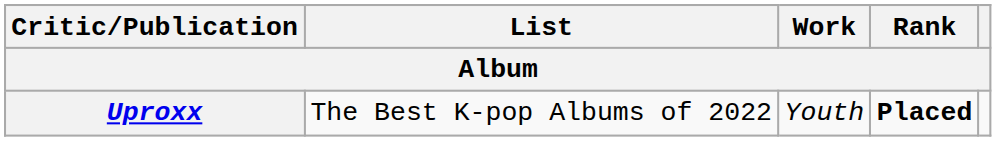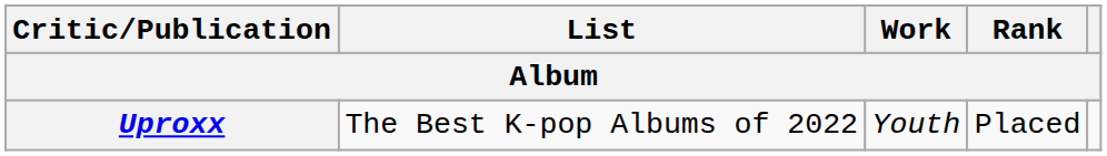 <table class="wikitable plainrowheaders">
 <tr>
 <th>Critic/Publication</th>
 <th scope="col" class="unsortable">List</th>
 <th scope="col" class="unsortable">Work</th>
 <th data-sort-type="number">Rank</th>
 <th scope="col" class="unsortable"></th>
 </tr>
 <tr>
 <th align="center" colspan="5">Album</th>
 </tr>
 <tr>
 <th scope="row"><em><a href='#'>Uproxx</a></em></th>
 <td align="center">The Best K-pop Albums of 2022</td>
 <td align="center"><em>Youth</em></td>
-<td align="center"><strong>Placed</strong></td>
+<td align="center">Placed</td>
 <td align="center"></td>
 </tr>
 </table>
